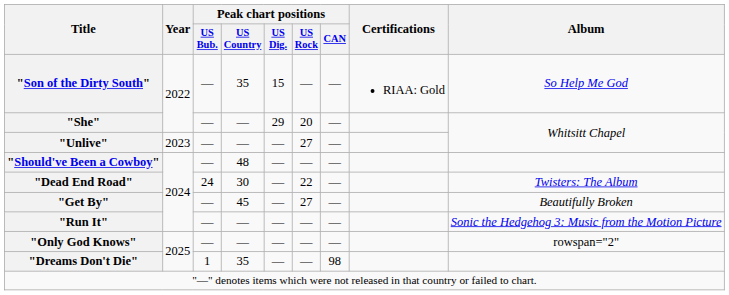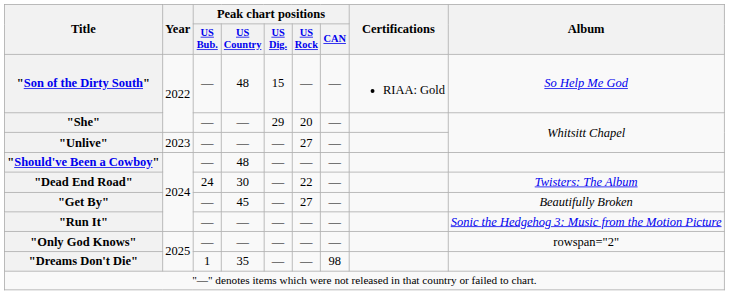 <table class="wikitable plainrowheaders" style="text-align:center;">
 <tr>
 <th scope="col" rowspan="2">Title</th>
 <th scope="col" rowspan="2">Year</th>
 <th scope="col" colspan="5">Peak chart positions</th>
 <th scope="col" rowspan="2">Certifications</th>
 <th scope="col" rowspan="2">Album</th>
 </tr>
 <tr style="font-size:smaller">
 <th scope="col" style="width:30px;"><a href='#'>US<br>Bub.</a><br></th>
 <th scope="col" style="width:30px;"><a href='#'>US<br>Country</a><br></th>
 <th scope="col" style="width:30px;"><a href='#'>US<br>Dig.</a><br></th>
 <th scope="col" style="width:30px;"><a href='#'>US<br>Rock</a><br></th>
 <th scope="col" style="width:30px;"><a href='#'>CAN</a><br></th>
 </tr>
 <tr>
 <th scope="row">"<a href='#'>Son of the Dirty South</a>"<br></th>
 <td rowspan="2">2022</td>
 <td>—</td>
-<td>35</td>
+<td>48</td>
 <td>15</td>
 <td>—</td>
 <td>—</td>
 <td><br><ul><li>RIAA: Gold</li></ul></td>
 <td><em><a href='#'>So Help Me God</a></em></td>
 </tr>
 <tr>
 <th scope="row">"She"</th>
 <td>—</td>
 <td>—</td>
 <td>29</td>
 <td>20</td>
 <td>—</td>
 <td></td>
 <td rowspan="2"><em>Whitsitt Chapel</em></td>
 </tr>
 <tr>
 <th scope="row">"Unlive"<br></th>
 <td>2023</td>
 <td>—</td>
 <td>—</td>
 <td>—</td>
 <td>27</td>
 <td>—</td>
 <td></td>
 </tr>
 <tr>
 <th scope="row">"<a href='#'>Should've Been a Cowboy</a>"<br></th>
 <td rowspan="4">2024</td>
 <td>—</td>
 <td>48</td>
 <td>—</td>
 <td>—</td>
 <td>—</td>
 <td></td>
 <td></td>
 </tr>
 <tr>
 <th scope="row">"Dead End Road"</th>
 <td>24</td>
 <td>30</td>
 <td>—</td>
 <td>22</td>
 <td>—</td>
 <td></td>
 <td><em><a href='#'>Twisters: The Album</a></em></td>
 </tr>
 <tr>
 <th scope="row">"Get By"</th>
 <td>—</td>
 <td>45</td>
 <td>—</td>
 <td>27</td>
 <td>—</td>
 <td></td>
 <td><em>Beautifully Broken</em></td>
 </tr>
 <tr>
 <th scope="row">"Run It"</th>
 <td>—</td>
 <td>—</td>
 <td>—</td>
 <td>—</td>
 <td>—</td>
 <td></td>
 <td><em><a href='#'>Sonic the Hedgehog 3: Music from the Motion Picture</a></em></td>
 </tr>
 <tr>
 <th scope="row">"Only God Knows"<br></th>
 <td rowspan="2">2025</td>
 <td>—</td>
 <td>—</td>
 <td>—</td>
 <td>—</td>
 <td>—</td>
 <td></td>
 <td>rowspan="2" </td>
 </tr>
 <tr>
 <th scope="row">"Dreams Don't Die"</th>
 <td>1</td>
 <td>35</td>
 <td>—</td>
 <td>—</td>
 <td>98</td>
 <td></td>
 </tr>
 <tr>
 <td colspan="17" style="font-size:90%;">"—" denotes items which were not released in that country or failed to chart.</td>
 </tr>
 </table>
